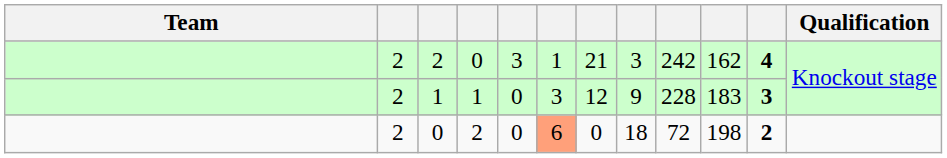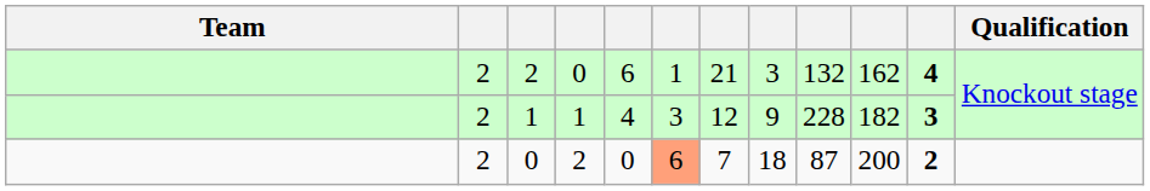 <table class=wikitable style="text-align:center">
 <tr>
 <th width=250>Team</th>
 <th width=20></th>
 <th width=20></th>
 <th width=20></th>
 <th width=20></th>
 <th width=20></th>
 <th width=20></th>
 <th width=20></th>
 <th width=20></th>
 <th width=20></th>
 <th width=20></th>
 <th>Qualification</th>
 </tr>
 <tr style="background-color:#ccffcc;">
 <td style="text-align:left;"></td>
 <td>2</td>
 <td>2</td>
 <td>0</td>
-<td>3</td>
+<td>6</td>
 <td>1</td>
 <td>21</td>
 <td>3</td>
-<td>242</td>
+<td>132</td>
 <td>162</td>
 <td><strong>4</strong></td>
 <td rowspan=2><a href='#'>Knockout stage</a></td>
 </tr>
 <tr style="background-color:#ccffcc;">
 <td style="text-align:left;"></td>
 <td>2</td>
 <td>1</td>
 <td>1</td>
-<td>0</td>
+<td>4</td>
 <td>3</td>
 <td>12</td>
 <td>9</td>
 <td>228</td>
-<td>183</td>
+<td>182</td>
 <td><strong>3</strong></td>
 </tr>
 <tr>
 <td style="text-align:left;"></td>
 <td>2</td>
 <td>0</td>
 <td>2</td>
 <td>0</td>
 <td style="background: lightsalmon;">6</td>
-<td>0</td>
+<td>7</td>
 <td>18</td>
-<td>72</td>
-<td>198</td>
+<td>87</td>
+<td>200</td>
 <td><strong>2</strong></td>
 <td></td>
 </tr>
 </table>
